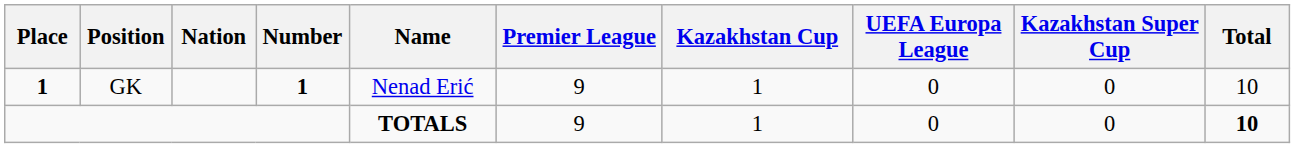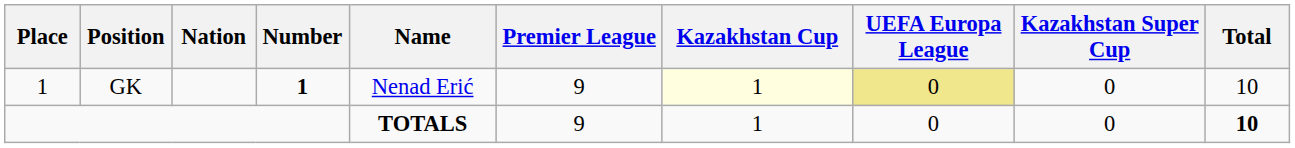 <table class="wikitable" style="font-size: 95%; text-align: center;">
 <tr>
 <th width=60>Place</th>
 <th width=60>Position</th>
 <th width=60>Nation</th>
 <th width=60>Number</th>
 <th width=150>Name</th>
 <th width=200><a href='#'>Premier League</a></th>
 <th width=200><a href='#'>Kazakhstan Cup</a></th>
 <th width=200><a href='#'>UEFA Europa League</a></th>
 <th width=200><a href='#'>Kazakhstan Super Cup</a></th>
 <th width=80>Total</th>
 </tr>
 <tr>
-<td><strong>1</strong></td>
+<td>1</td>
 <td>GK</td>
 <td></td>
 <td><strong>1</strong></td>
 <td><a href='#'>Nenad Erić</a></td>
 <td>9</td>
-<td>1</td>
-<td>0</td>
+<td style="background: lightyellow;">1</td>
+<td style="background: khaki;">0</td>
 <td>0</td>
 <td>10</td>
 </tr>
 <tr>
 <td colspan="4"></td>
 <td><strong>TOTALS</strong></td>
 <td>9</td>
 <td>1</td>
 <td>0</td>
 <td>0</td>
 <td><strong>10</strong></td>
 </tr>
 </table>
